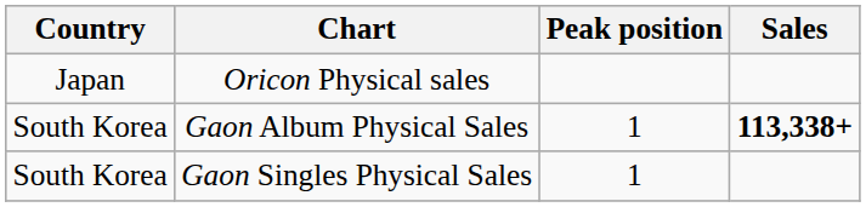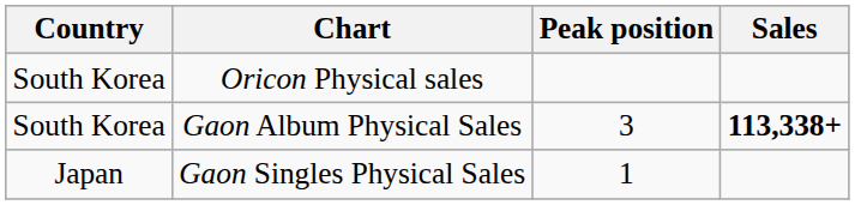 <table class="wikitable" style="text-align:center;">
 <tr>
 <th>Country</th>
 <th>Chart</th>
 <th>Peak position</th>
 <th>Sales</th>
 </tr>
 <tr>
-<td>Japan</td>
+<td>South Korea</td>
 <td><em>Oricon</em> Physical sales</td>
 <td></td>
 <td></td>
 </tr>
 <tr>
 <td>South Korea</td>
 <td><em>Gaon</em> Album Physical Sales</td>
-<td>1</td>
+<td>3</td>
 <td><strong>113,338+</strong></td>
 </tr>
 <tr>
-<td>South Korea</td>
+<td>Japan</td>
 <td><em>Gaon</em> Singles Physical Sales</td>
 <td>1</td>
 <td></td>
 </tr>
 </table>
